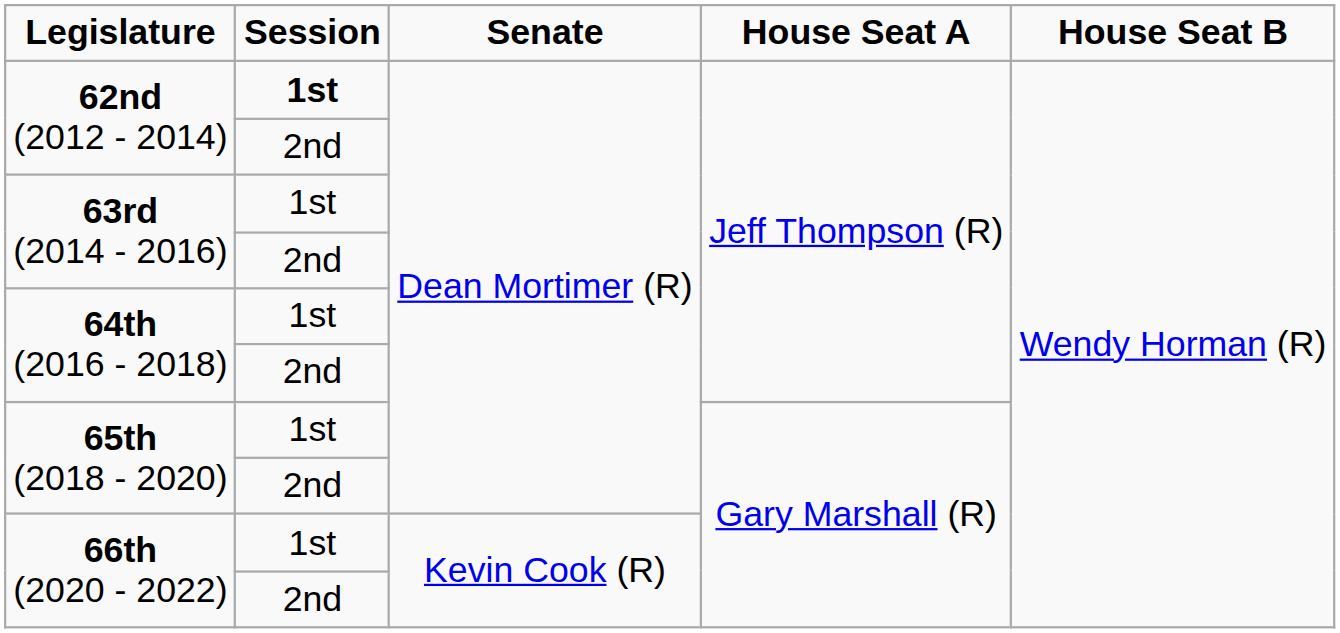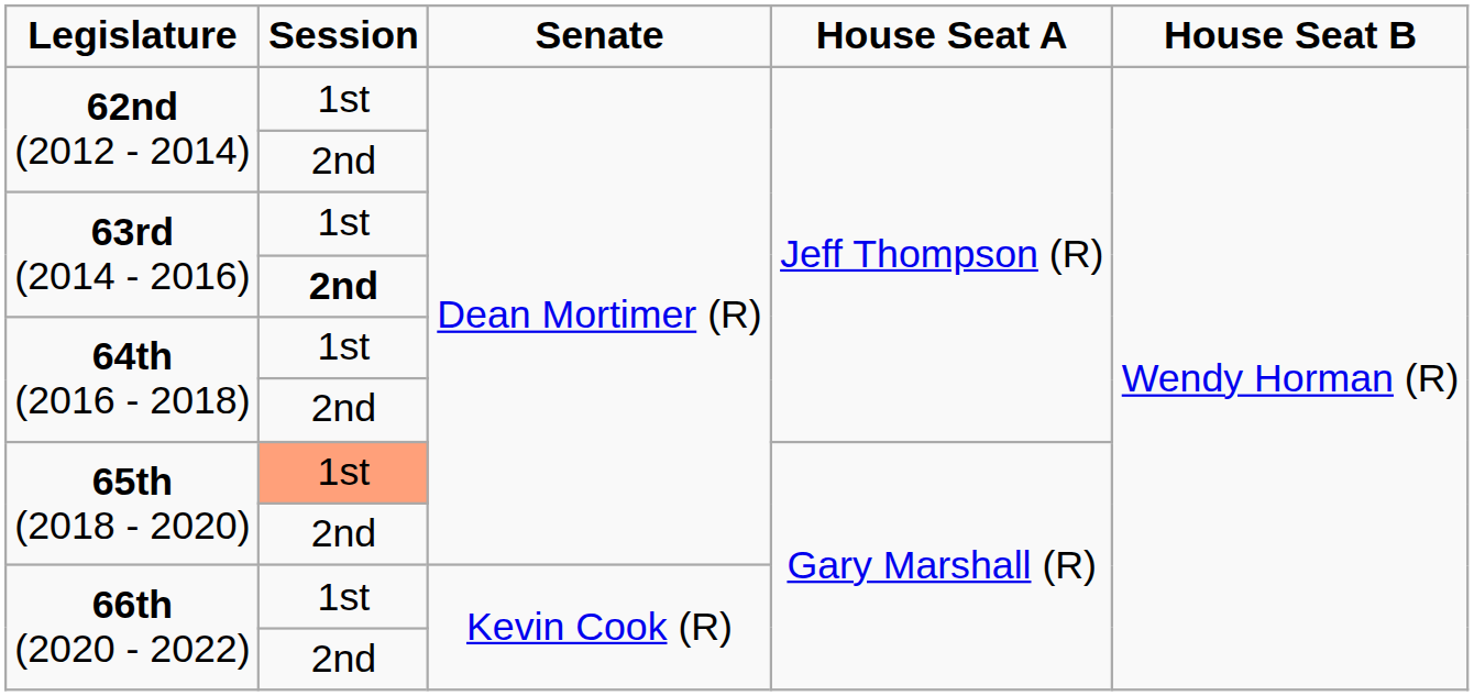 <table class=wikitable style="text-align:center">
 <tr>
 <td><strong>Legislature</strong></td>
 <td><strong>Session</strong></td>
 <td><strong>Senate</strong></td>
 <td><strong>House Seat A</strong></td>
 <td><strong>House Seat B</strong></td>
 </tr>
 <tr>
 <td rowspan="2" colspan="1" style="text-align: center;"><strong>62nd</strong> <br> (2012 - 2014)</td>
-<td><strong>1st</strong></td>
+<td>1st</td>
 <td rowspan="8" colspan="1" style="text-align: center;" ><a href='#'>Dean Mortimer</a> (R)</td>
 <td rowspan="6" colspan="1" style="text-align: center;" ><a href='#'>Jeff Thompson</a> (R)</td>
 <td rowspan="10" colspan="1" style="text-align: center;" ><a href='#'>Wendy Horman</a> (R)</td>
 </tr>
 <tr>
 <td>2nd</td>
 </tr>
 <tr>
 <td rowspan="2" colspan="1" style="text-align: center;"><strong>63rd</strong> <br> (2014 - 2016)</td>
 <td>1st</td>
 </tr>
 <tr>
-<td>2nd</td>
+<td><strong>2nd</strong></td>
 </tr>
 <tr>
 <td rowspan="2" colspan="1" style="text-align: center;"><strong>64th</strong> <br> (2016 - 2018)</td>
 <td>1st</td>
 </tr>
 <tr>
 <td>2nd</td>
 </tr>
 <tr>
 <td rowspan="2" colspan="1" style="text-align: center;"><strong>65th</strong> <br> (2018 - 2020)</td>
-<td>1st</td>
+<td style="background: lightsalmon;">1st</td>
 <td rowspan="4" colspan="1" style="text-align: center;" ><a href='#'>Gary Marshall</a> (R)</td>
 </tr>
 <tr>
 <td>2nd</td>
 </tr>
 <tr>
 <td rowspan="2" colspan="1" style="text-align: center;"><strong>66th</strong> <br> (2020 - 2022)</td>
 <td>1st</td>
 <td rowspan="2" colspan="1" style="text-align: center;" ><a href='#'>Kevin Cook</a> (R)</td>
 </tr>
 <tr>
 <td>2nd</td>
 </tr>
 </table>
